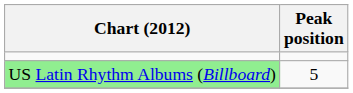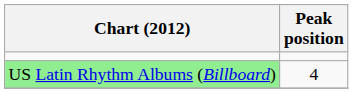 <table class="wikitable sortable plainrowheaders">
 <tr>
 <th>Chart (2012)</th>
 <th>Peak<br>position</th>
 </tr>
 <tr>
 <td></td>
 </tr>
 <tr>
 <td style="background: lightgreen;">US <a href='#'>Latin Rhythm Albums</a> (<em><a href='#'>Billboard</a></em>)</td>
-<td style="text-align:center;">5</td>
+<td style="text-align:center;">4</td>
 </tr>
 <tr>
 </tr>
 </table>
